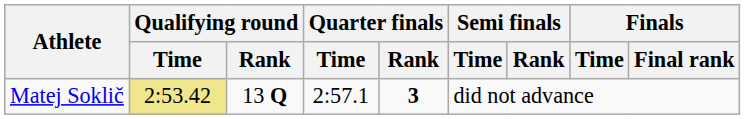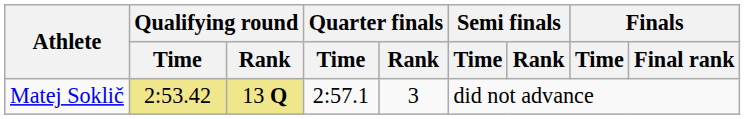 <table class="wikitable" style="font-size:90%">
 <tr>
 <th rowspan="2">Athlete</th>
 <th colspan="2">Qualifying round</th>
 <th colspan="2">Quarter finals</th>
 <th colspan="2">Semi finals</th>
 <th colspan="2">Finals</th>
 </tr>
 <tr>
 <th>Time</th>
 <th>Rank</th>
 <th>Time</th>
 <th>Rank</th>
 <th>Time</th>
 <th>Rank</th>
 <th>Time</th>
 <th>Final rank</th>
 </tr>
 <tr>
 <td><a href='#'>Matej Soklič</a></td>
 <td align="center" style="background: khaki;">2:53.42</td>
-<td align="center">13 <strong>Q</strong></td>
+<td align="center" style="background: khaki;">13 <strong>Q</strong></td>
 <td align="center">2:57.1</td>
-<td align="center"><strong>3</strong></td>
+<td align="center">3</td>
 <td colspan="4">did not advance</td>
 </tr>
 </table>
